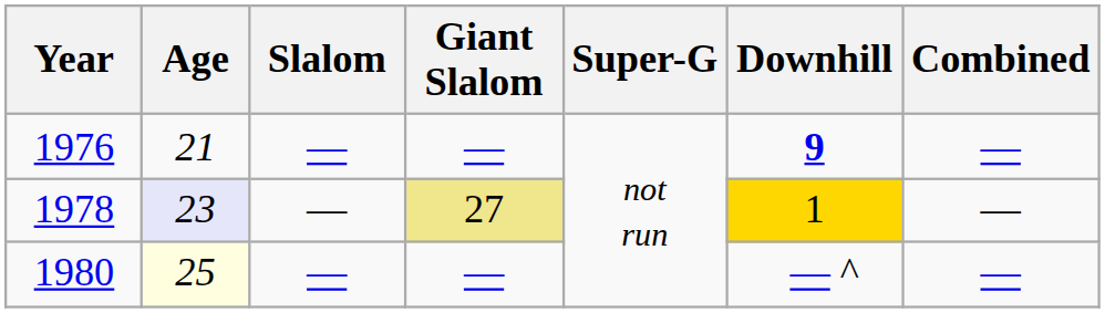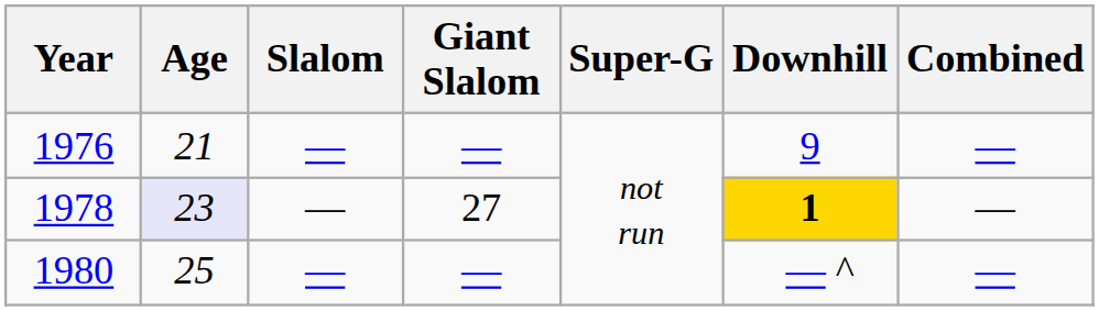 <table class=wikitable style="text-align:center">
 <tr>
 <th>  Year  </th>
 <th> Age </th>
 <th> Slalom </th>
 <th>Giant<br> Slalom </th>
 <th>Super-G</th>
 <th>Downhill</th>
 <th>Combined</th>
 </tr>
 <tr>
 <td><a href='#'>1976</a></td>
 <td><em>21</em></td>
 <td><a href='#'>—</a></td>
 <td><a href='#'>—</a></td>
 <td rowspan=4><small><em>not<br>run</em></small></td>
-<td><strong><a href='#'>9</a></strong></td>
+<td><a href='#'>9</a></td>
 <td><a href='#'>—</a></td>
 </tr>
 <tr>
 <td><a href='#'>1978</a></td>
 <td style="background: lavender;"><em>23</em></td>
 <td>—</td>
-<td style="background: khaki;">27</td>
-<td style="background:gold;">1</td>
+<td>27</td>
+<td style="background:gold;"><strong>1</strong></td>
 <td>—</td>
 </tr>
 <tr>
 <td><a href='#'>1980</a></td>
-<td style="background: lightyellow;"><em>25</em></td>
+<td><em>25</em></td>
 <td><a href='#'>—</a></td>
 <td><a href='#'>—</a></td>
 <td>  <a href='#'>—</a> ^</td>
 <td><a href='#'>—</a></td>
 </tr>
 </table>
